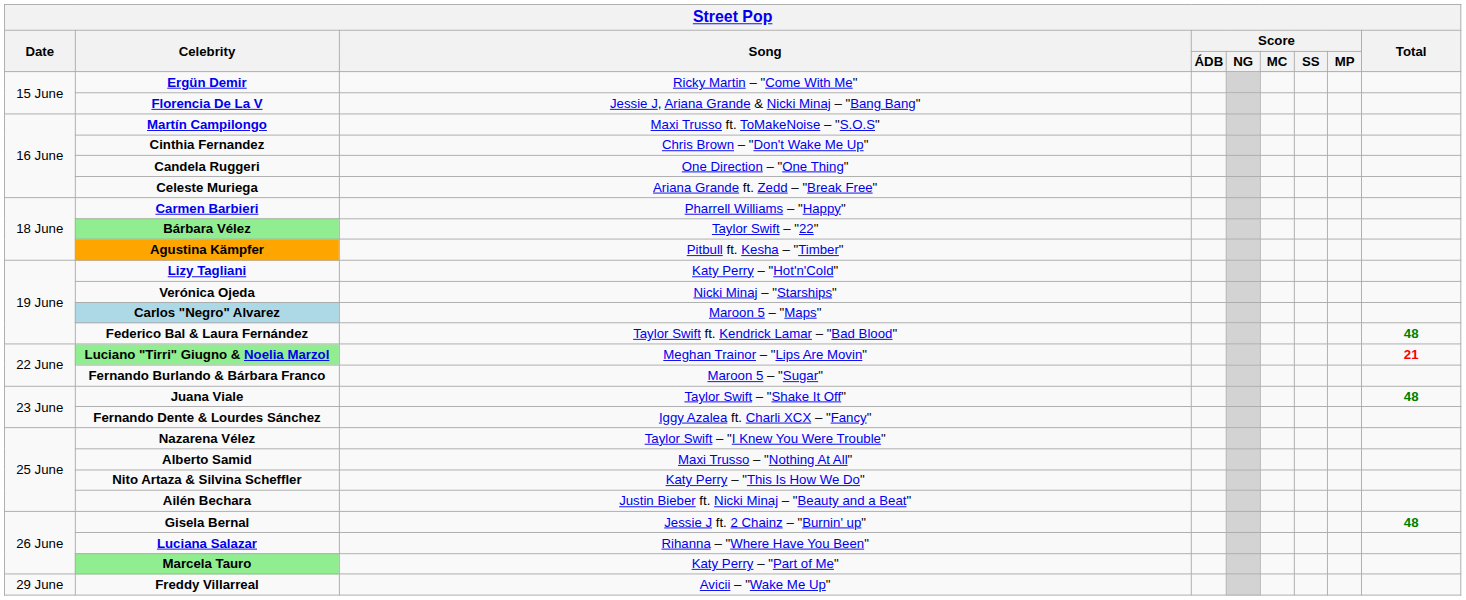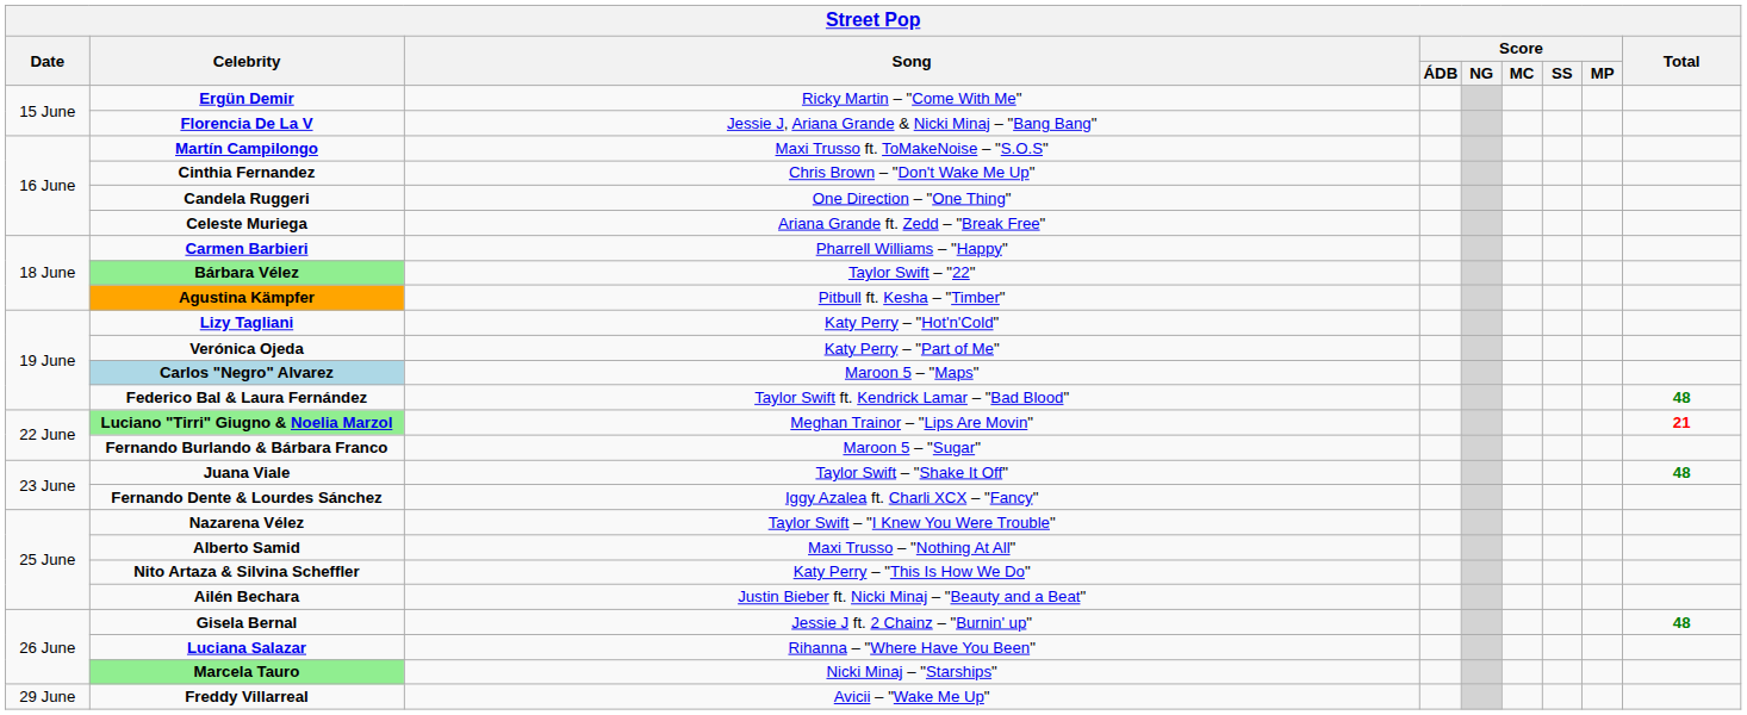 <table class="wikitable collapsible collapsed" style="font-size:90%; text-align: center; width: 100%;">
 <tr>
 <th colspan="11" style="with: 95%;" align=center><big><a href='#'>Street Pop</a></big></th>
 </tr>
 <tr>
 <th width=70 rowspan="2">Date</th>
 <th width=280 rowspan="2">Celebrity</th>
 <th rowspan="2">Song</th>
 <th colspan="5">Score</th>
 <th rowspan="2">Total</th>
 </tr>
 <tr>
 <th width=30>ÁDB</th>
 <th width=30>NG</th>
 <th width=30>MC</th>
 <th width=30>SS</th>
 <th width=30>MP</th>
 </tr>
 <tr>
 <td rowspan=2>15 June</td>
 <td><strong><a href='#'>Ergün Demir</a></strong></td>
 <td><a href='#'>Ricky Martin</a> – "<a href='#'>Come With Me</a>"</td>
 <td></td>
 <td bgcolor="lightgray"></td>
 <td></td>
 <td></td>
 <td></td>
 <td></td>
 </tr>
 <tr>
 <td><strong><a href='#'>Florencia De La V</a></strong></td>
 <td><a href='#'>Jessie J</a>, <a href='#'>Ariana Grande</a> & <a href='#'>Nicki Minaj</a> – "<a href='#'>Bang Bang</a>"</td>
 <td></td>
 <td bgcolor="lightgray"></td>
 <td></td>
 <td></td>
 <td></td>
 <td></td>
 </tr>
 <tr>
 <td rowspan=4>16 June</td>
 <td><strong><a href='#'>Martín Campilongo</a></strong></td>
 <td><a href='#'>Maxi Trusso</a> ft. <a href='#'>ToMakeNoise</a> – "<a href='#'>S.O.S</a>"</td>
 <td></td>
 <td bgcolor="lightgray"></td>
 <td></td>
 <td></td>
 <td></td>
 <td></td>
 </tr>
 <tr>
 <td><strong>Cinthia Fernandez</strong></td>
 <td><a href='#'>Chris Brown</a> – "<a href='#'>Don't Wake Me Up</a>"</td>
 <td></td>
 <td bgcolor="lightgray"></td>
 <td></td>
 <td></td>
 <td></td>
 <td></td>
 </tr>
 <tr>
 <td><strong>Candela Ruggeri</strong></td>
 <td><a href='#'>One Direction</a> – "<a href='#'>One Thing</a>"</td>
 <td></td>
 <td bgcolor="lightgray"></td>
 <td></td>
 <td></td>
 <td></td>
 <td></td>
 </tr>
 <tr>
 <td><strong>Celeste Muriega</strong></td>
 <td><a href='#'>Ariana Grande</a> ft. <a href='#'>Zedd</a> – "<a href='#'>Break Free</a>"</td>
 <td></td>
 <td bgcolor="lightgray"></td>
 <td></td>
 <td></td>
 <td></td>
 <td></td>
 </tr>
 <tr>
 <td rowspan=3>18 June</td>
 <td><strong><a href='#'>Carmen Barbieri</a></strong></td>
 <td><a href='#'>Pharrell Williams</a> – "<a href='#'>Happy</a>"</td>
 <td></td>
 <td bgcolor="lightgray"></td>
 <td></td>
 <td></td>
 <td></td>
 <td></td>
 </tr>
 <tr>
 <td style="background:lightgreen;"><strong>Bárbara Vélez</strong></td>
 <td><a href='#'>Taylor Swift</a> – "<a href='#'>22</a>"</td>
 <td></td>
 <td bgcolor="lightgray"></td>
 <td></td>
 <td></td>
 <td></td>
 <td></td>
 </tr>
 <tr>
 <td bgcolor="Orange"><strong>Agustina Kämpfer</strong></td>
 <td><a href='#'>Pitbull</a> ft. <a href='#'>Kesha</a> – "<a href='#'>Timber</a>"</td>
 <td></td>
 <td bgcolor="lightgray"></td>
 <td></td>
 <td></td>
 <td></td>
 <td></td>
 </tr>
 <tr>
 <td rowspan=4>19 June</td>
 <td><strong><a href='#'>Lizy Tagliani</a></strong></td>
 <td><a href='#'>Katy Perry</a> – "<a href='#'>Hot'n'Cold</a>"</td>
 <td></td>
 <td bgcolor="lightgray"></td>
 <td></td>
 <td></td>
 <td></td>
 <td></td>
 </tr>
 <tr>
 <td><strong>Verónica Ojeda</strong></td>
-<td><a href='#'>Nicki Minaj</a> – "<a href='#'>Starships</a>"</td>
+<td><a href='#'>Katy Perry</a> – "<a href='#'>Part of Me</a>"</td>
 <td></td>
 <td bgcolor="lightgray"></td>
 <td></td>
 <td></td>
 <td></td>
 <td></td>
 </tr>
 <tr>
 <td style="background:lightblue;"><strong>Carlos "Negro" Alvarez</strong></td>
 <td><a href='#'>Maroon 5</a> – "<a href='#'>Maps</a>"</td>
 <td></td>
 <td bgcolor="lightgray"></td>
 <td></td>
 <td></td>
 <td></td>
 <td></td>
 </tr>
 <tr>
 <td><strong>Federico Bal & Laura Fernández</strong></td>
 <td><a href='#'>Taylor Swift</a> ft. <a href='#'>Kendrick Lamar</a> – "<a href='#'>Bad Blood</a>"</td>
 <td></td>
 <td bgcolor="lightgray"></td>
 <td></td>
 <td></td>
 <td></td>
 <td style="text-align:center; color:green;"><strong>48</strong></td>
 </tr>
 <tr>
 <td rowspan=2>22 June</td>
 <td style="background:lightgreen;"><strong>Luciano "Tirri" Giugno & <a href='#'>Noelia Marzol</a></strong></td>
 <td><a href='#'>Meghan Trainor</a> – "<a href='#'>Lips Are Movin</a>"</td>
 <td></td>
 <td bgcolor="lightgray"></td>
 <td></td>
 <td></td>
 <td></td>
 <td style="text-align:center; color:red;"><strong>21</strong></td>
 </tr>
 <tr>
 <td><strong>Fernando Burlando & Bárbara Franco</strong></td>
 <td><a href='#'>Maroon 5</a> – "<a href='#'>Sugar</a>"</td>
 <td></td>
 <td bgcolor="lightgray"></td>
 <td></td>
 <td></td>
 <td></td>
 <td></td>
 </tr>
 <tr>
 <td rowspan=2>23 June</td>
 <td><strong>Juana Viale</strong></td>
 <td><a href='#'>Taylor Swift</a> – "<a href='#'>Shake It Off</a>"</td>
 <td></td>
 <td bgcolor="lightgray"></td>
 <td></td>
 <td></td>
 <td></td>
 <td style="text-align:center; color:green;"><strong>48</strong></td>
 </tr>
 <tr>
 <td><strong>Fernando Dente & Lourdes Sánchez</strong></td>
 <td><a href='#'>Iggy Azalea</a> ft. <a href='#'>Charli XCX</a> – "<a href='#'>Fancy</a>"</td>
 <td></td>
 <td bgcolor="lightgray"></td>
 <td></td>
 <td></td>
 <td></td>
 <td></td>
 </tr>
 <tr>
 <td rowspan=4>25 June</td>
 <td><strong>Nazarena Vélez</strong></td>
 <td><a href='#'>Taylor Swift</a> – "<a href='#'>I Knew You Were Trouble</a>"</td>
 <td></td>
 <td bgcolor="lightgray"></td>
 <td></td>
 <td></td>
 <td></td>
 <td></td>
 </tr>
 <tr>
 <td><strong>Alberto Samid</strong></td>
 <td><a href='#'>Maxi Trusso</a> – "<a href='#'>Nothing At All</a>"</td>
 <td></td>
 <td bgcolor="lightgray"></td>
 <td></td>
 <td></td>
 <td></td>
 <td></td>
 </tr>
 <tr>
 <td><strong>Nito Artaza & Silvina Scheffler</strong></td>
 <td><a href='#'>Katy Perry</a> – "<a href='#'>This Is How We Do</a>"</td>
 <td></td>
 <td bgcolor="lightgray"></td>
 <td></td>
 <td></td>
 <td></td>
 <td></td>
 </tr>
 <tr>
 <td><strong>Ailén Bechara</strong></td>
 <td><a href='#'>Justin Bieber</a> ft. <a href='#'>Nicki Minaj</a> – "<a href='#'>Beauty and a Beat</a>"</td>
 <td></td>
 <td bgcolor="lightgray"></td>
 <td></td>
 <td></td>
 <td></td>
 <td></td>
 </tr>
 <tr>
 <td rowspan=3>26 June</td>
 <td><strong>Gisela Bernal</strong></td>
 <td><a href='#'>Jessie J</a> ft. <a href='#'>2 Chainz</a> – "<a href='#'>Burnin' up</a>"</td>
 <td></td>
 <td bgcolor="lightgray"></td>
 <td></td>
 <td></td>
 <td></td>
 <td style="text-align:center; color:green;"><strong>48</strong></td>
 </tr>
 <tr>
 <td><strong><a href='#'>Luciana Salazar</a></strong></td>
 <td><a href='#'>Rihanna</a> – "<a href='#'>Where Have You Been</a>"</td>
 <td></td>
 <td bgcolor="lightgray"></td>
 <td></td>
 <td></td>
 <td></td>
 <td></td>
 </tr>
 <tr>
 <td style="background:lightgreen;"><strong>Marcela Tauro</strong></td>
-<td><a href='#'>Katy Perry</a> – "<a href='#'>Part of Me</a>"</td>
+<td><a href='#'>Nicki Minaj</a> – "<a href='#'>Starships</a>"</td>
 <td></td>
 <td bgcolor="lightgray"></td>
 <td></td>
 <td></td>
 <td></td>
 <td></td>
 </tr>
 <tr>
 <td rowspan=1>29 June</td>
 <td><strong>Freddy Villarreal</strong></td>
 <td><a href='#'>Avicii</a> – "<a href='#'>Wake Me Up</a>"</td>
 <td></td>
 <td bgcolor="lightgray"></td>
 <td></td>
 <td></td>
 <td></td>
 <td></td>
 </tr>
 </table>
